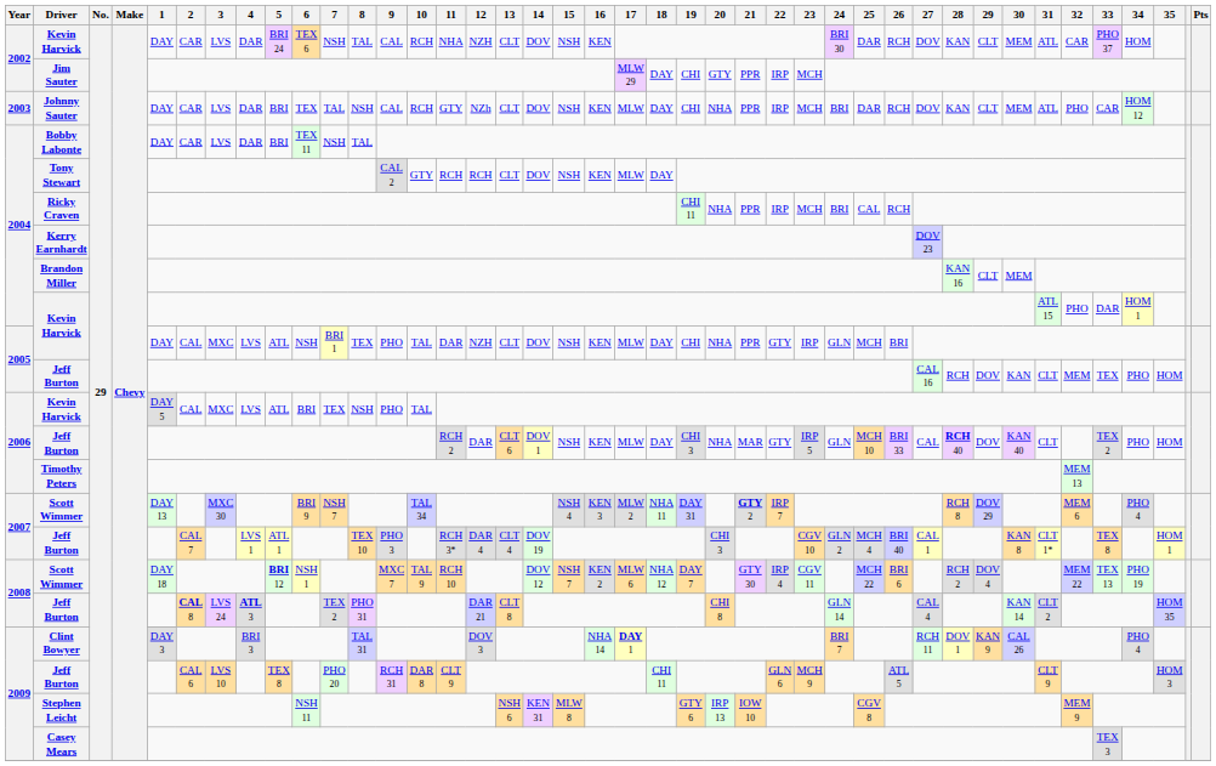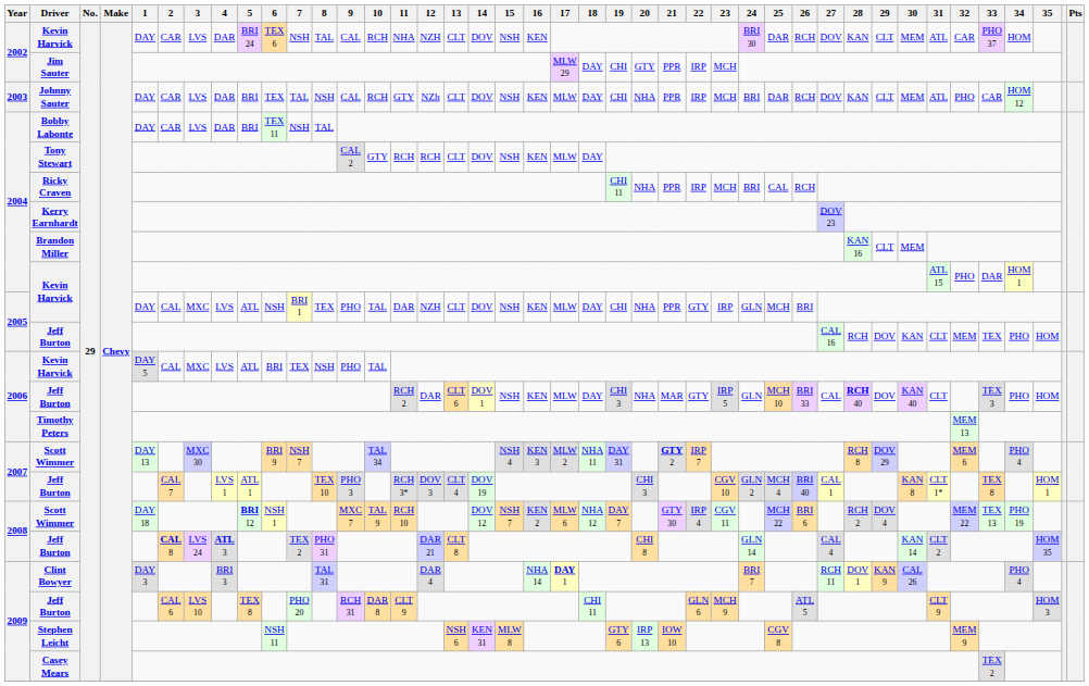 <table class="wikitable" style="text-align:center; font-size:75%">
 <tr>
 <th>Year</th>
 <th>Driver</th>
 <th>No.</th>
 <th>Make</th>
 <th>1</th>
 <th>2</th>
 <th>3</th>
 <th>4</th>
 <th>5</th>
 <th>6</th>
 <th>7</th>
 <th>8</th>
 <th>9</th>
 <th>10</th>
 <th>11</th>
 <th>12</th>
 <th>13</th>
 <th>14</th>
 <th>15</th>
 <th>16</th>
 <th>17</th>
 <th>18</th>
 <th>19</th>
 <th>20</th>
 <th>21</th>
 <th>22</th>
 <th>23</th>
 <th>24</th>
 <th>25</th>
 <th>26</th>
 <th>27</th>
 <th>28</th>
 <th>29</th>
 <th>30</th>
 <th>31</th>
 <th>32</th>
 <th>33</th>
 <th>34</th>
 <th>35</th>
 <th></th>
 <th>Pts</th>
 </tr>
 <tr>
 <th Rowspan=2><a href='#'>2002</a></th>
 <th><a href='#'>Kevin Harvick</a></th>
 <th Rowspan=22>29</th>
 <th Rowspan=22><a href='#'>Chevy</a></th>
 <td><a href='#'>DAY</a></td>
 <td><a href='#'>CAR</a></td>
 <td><a href='#'>LVS</a></td>
 <td><a href='#'>DAR</a></td>
 <td style="background:#EFCFFF;"><a href='#'>BRI</a><br><small>24</small></td>
 <td style="background:#FFDF9F;"><a href='#'>TEX</a><br><small>6</small></td>
 <td><a href='#'>NSH</a></td>
 <td><a href='#'>TAL</a></td>
 <td><a href='#'>CAL</a></td>
 <td><a href='#'>RCH</a></td>
 <td><a href='#'>NHA</a></td>
 <td><a href='#'>NZH</a></td>
 <td><a href='#'>CLT</a></td>
 <td><a href='#'>DOV</a></td>
 <td><a href='#'>NSH</a></td>
 <td><a href='#'>KEN</a></td>
 <td colspan=7></td>
 <td style="background:#EFCFFF;"><a href='#'>BRI</a><br><small>30</small></td>
 <td><a href='#'>DAR</a></td>
 <td><a href='#'>RCH</a></td>
 <td><a href='#'>DOV</a></td>
 <td><a href='#'>KAN</a></td>
 <td><a href='#'>CLT</a></td>
 <td><a href='#'>MEM</a></td>
 <td><a href='#'>ATL</a></td>
 <td><a href='#'>CAR</a></td>
 <td style="background:#EFCFFF;"><a href='#'>PHO</a><br><small>37</small></td>
 <td><a href='#'>HOM</a></td>
 <td colspan=1></td>
 <th Rowspan=2></th>
 <th Rowspan=2></th>
 </tr>
 <tr>
 <th><a href='#'>Jim Sauter</a></th>
 <td colspan=16></td>
 <td style="background:#EFCFFF;"><a href='#'>MLW</a><br><small>29</small></td>
 <td><a href='#'>DAY</a></td>
 <td><a href='#'>CHI</a></td>
 <td><a href='#'>GTY</a></td>
 <td><a href='#'>PPR</a></td>
 <td><a href='#'>IRP</a></td>
 <td><a href='#'>MCH</a></td>
 <td colspan=12></td>
 </tr>
 <tr>
 <th><a href='#'>2003</a></th>
 <th><a href='#'>Johnny Sauter</a></th>
 <td><a href='#'>DAY</a></td>
 <td><a href='#'>CAR</a></td>
 <td><a href='#'>LVS</a></td>
 <td><a href='#'>DAR</a></td>
 <td><a href='#'>BRI</a></td>
 <td><a href='#'>TEX</a></td>
 <td><a href='#'>TAL</a></td>
 <td><a href='#'>NSH</a></td>
 <td><a href='#'>CAL</a></td>
 <td><a href='#'>RCH</a></td>
 <td><a href='#'>GTY</a></td>
 <td><a href='#'>NZh</a></td>
 <td><a href='#'>CLT</a></td>
 <td><a href='#'>DOV</a></td>
 <td><a href='#'>NSH</a></td>
 <td><a href='#'>KEN</a></td>
 <td><a href='#'>MLW</a></td>
 <td><a href='#'>DAY</a></td>
 <td><a href='#'>CHI</a></td>
 <td><a href='#'>NHA</a></td>
 <td><a href='#'>PPR</a></td>
 <td><a href='#'>IRP</a></td>
 <td><a href='#'>MCH</a></td>
 <td><a href='#'>BRI</a></td>
 <td><a href='#'>DAR</a></td>
 <td><a href='#'>RCH</a></td>
 <td><a href='#'>DOV</a></td>
 <td><a href='#'>KAN</a></td>
 <td><a href='#'>CLT</a></td>
 <td><a href='#'>MEM</a></td>
 <td><a href='#'>ATL</a></td>
 <td><a href='#'>PHO</a></td>
 <td><a href='#'>CAR</a></td>
 <td style="background:#DFFFDF;"><a href='#'>HOM</a><br><small>12</small></td>
 <td colspan=1></td>
 <th></th>
 <th></th>
 </tr>
 <tr>
 <th rowspan=6><a href='#'>2004</a></th>
 <th><a href='#'>Bobby Labonte</a></th>
 <td><a href='#'>DAY</a></td>
 <td><a href='#'>CAR</a></td>
 <td><a href='#'>LVS</a></td>
 <td><a href='#'>DAR</a></td>
 <td><a href='#'>BRI</a></td>
 <td style="background:#DFFFDF;"><a href='#'>TEX</a><br><small>11</small></td>
 <td><a href='#'>NSH</a></td>
 <td><a href='#'>TAL</a></td>
 <td colspan=27></td>
 <th rowspan=6></th>
 <th rowspan=6></th>
 </tr>
 <tr>
 <th><a href='#'>Tony Stewart</a></th>
 <td colspan=8></td>
 <td style="background:#DFDFDF;"><a href='#'>CAL</a><br><small>2</small></td>
 <td><a href='#'>GTY</a></td>
 <td><a href='#'>RCH</a></td>
 <td><a href='#'>RCH</a></td>
 <td><a href='#'>CLT</a></td>
 <td><a href='#'>DOV</a></td>
 <td><a href='#'>NSH</a></td>
 <td><a href='#'>KEN</a></td>
 <td><a href='#'>MLW</a></td>
 <td><a href='#'>DAY</a></td>
 <td colspan=17></td>
 </tr>
 <tr>
 <th><a href='#'>Ricky Craven</a></th>
 <td colspan=18></td>
 <td style="background:#DFFFDF;"><a href='#'>CHI</a><br><small>11</small></td>
 <td><a href='#'>NHA</a></td>
 <td><a href='#'>PPR</a></td>
 <td><a href='#'>IRP</a></td>
 <td><a href='#'>MCH</a></td>
 <td><a href='#'>BRI</a></td>
 <td><a href='#'>CAL</a></td>
 <td><a href='#'>RCH</a></td>
 <td colspan=9></td>
 </tr>
 <tr>
 <th><a href='#'>Kerry Earnhardt</a></th>
 <td colspan=26></td>
 <td style="background:#CFCFFF;"><a href='#'>DOV</a><br><small>23</small></td>
 <td colspan=8></td>
 </tr>
 <tr>
 <th><a href='#'>Brandon Miller</a></th>
 <td colspan=27></td>
 <td style="background:#DFFFDF;"><a href='#'>KAN</a><br><small>16</small></td>
 <td><a href='#'>CLT</a></td>
 <td><a href='#'>MEM</a></td>
 <td colspan=5></td>
 </tr>
 <tr>
 <th Rowspan=2><a href='#'>Kevin Harvick</a></th>
 <td colspan=30></td>
 <td style="background:#DFFFDF;"><a href='#'>ATL</a><br><small>15</small></td>
 <td><a href='#'>PHO</a></td>
 <td><a href='#'>DAR</a></td>
 <td style="background:#FFFFBF;"><a href='#'>HOM</a><br><small>1</small></td>
 <td colspan=1></td>
 </tr>
 <tr>
 <th rowspan=2><a href='#'>2005</a></th>
 <td><a href='#'>DAY</a></td>
 <td><a href='#'>CAL</a></td>
 <td><a href='#'>MXC</a></td>
 <td><a href='#'>LVS</a></td>
 <td><a href='#'>ATL</a></td>
 <td><a href='#'>NSH</a></td>
 <td style="background:#FFFFBF;"><a href='#'>BRI</a><br><small>1</small></td>
 <td><a href='#'>TEX</a></td>
 <td><a href='#'>PHO</a></td>
 <td><a href='#'>TAL</a></td>
 <td><a href='#'>DAR</a></td>
 <td><a href='#'>NZH</a></td>
 <td><a href='#'>CLT</a></td>
 <td><a href='#'>DOV</a></td>
 <td><a href='#'>NSH</a></td>
 <td><a href='#'>KEN</a></td>
 <td><a href='#'>MLW</a></td>
 <td><a href='#'>DAY</a></td>
 <td><a href='#'>CHI</a></td>
 <td><a href='#'>NHA</a></td>
 <td><a href='#'>PPR</a></td>
 <td><a href='#'>GTY</a></td>
 <td><a href='#'>IRP</a></td>
 <td><a href='#'>GLN</a></td>
 <td><a href='#'>MCH</a></td>
 <td><a href='#'>BRI</a></td>
 <td colspan=9></td>
 <th Rowspan=2></th>
 <th Rowspan=2></th>
 </tr>
 <tr>
 <th><a href='#'>Jeff Burton</a></th>
 <td colspan=26></td>
 <td style="background:#DFFFDF;"><a href='#'>CAL</a><br><small>16</small></td>
 <td><a href='#'>RCH</a></td>
 <td><a href='#'>DOV</a></td>
 <td><a href='#'>KAN</a></td>
 <td><a href='#'>CLT</a></td>
 <td><a href='#'>MEM</a></td>
 <td><a href='#'>TEX</a></td>
 <td><a href='#'>PHO</a></td>
 <td><a href='#'>HOM</a></td>
 </tr>
 <tr>
 <th rowspan=3><a href='#'>2006</a></th>
 <th><a href='#'>Kevin Harvick</a></th>
 <td style="background:#DFDFDF;"><a href='#'>DAY</a><br><small>5</small></td>
 <td><a href='#'>CAL</a></td>
 <td><a href='#'>MXC</a></td>
 <td><a href='#'>LVS</a></td>
 <td><a href='#'>ATL</a></td>
 <td><a href='#'>BRI</a></td>
 <td><a href='#'>TEX</a></td>
 <td><a href='#'>NSH</a></td>
 <td><a href='#'>PHO</a></td>
 <td><a href='#'>TAL</a></td>
 <td colspan=25></td>
 <th rowspan=3></th>
 <th rowspan=3></th>
 </tr>
 <tr>
 <th><a href='#'>Jeff Burton</a></th>
 <td colspan=10></td>
 <td style="background:#DFDFDF;"><a href='#'>RCH</a><br><small>2</small></td>
 <td><a href='#'>DAR</a></td>
 <td style="background:#FFDF9F;"><a href='#'>CLT</a><br><small>6</small></td>
 <td style="background:#FFFFBF;"><a href='#'>DOV</a><br><small>1</small></td>
 <td><a href='#'>NSH</a></td>
 <td><a href='#'>KEN</a></td>
 <td><a href='#'>MLW</a></td>
 <td><a href='#'>DAY</a></td>
 <td style="background:#DFDFDF;"><a href='#'>CHI</a><br><small>3</small></td>
 <td><a href='#'>NHA</a></td>
 <td><a href='#'>MAR</a></td>
 <td><a href='#'>GTY</a></td>
 <td style="background:#DFDFDF;"><a href='#'>IRP</a><br><small>5</small></td>
 <td><a href='#'>GLN</a></td>
 <td style="background:#FFDF9F;"><a href='#'>MCH</a><br><small>10</small></td>
 <td style="background:#EFCFFF;"><a href='#'>BRI</a><br><small>33</small></td>
 <td><a href='#'>CAL</a></td>
 <td style="background:#EFCFFF;"><strong><a href='#'>RCH</a></strong><br><small>40</small></td>
 <td><a href='#'>DOV</a></td>
 <td style="background:#EFCFFF;"><a href='#'>KAN</a><br><small>40</small></td>
 <td><a href='#'>CLT</a></td>
 <td colspan=1></td>
-<td style="background:#DFDFDF;"><a href='#'>TEX</a><br><small>2</small></td>
+<td style="background:#DFDFDF;"><a href='#'>TEX</a><br><small>3</small></td>
 <td><a href='#'>PHO</a></td>
 <td><a href='#'>HOM</a></td>
 </tr>
 <tr>
 <th><a href='#'>Timothy Peters</a></th>
 <td colspan=31></td>
 <td style="background:#DFFFDF;"><a href='#'>MEM</a><br><small>13</small></td>
 <td colspan=3></td>
 </tr>
 <tr>
 <th rowspan=2><a href='#'>2007</a></th>
 <th><a href='#'>Scott Wimmer</a></th>
 <td style="background:#DFFFDF;"><a href='#'>DAY</a><br><small>13</small></td>
 <td colspan=1></td>
 <td style="background:#CFCFFF;"><a href='#'>MXC</a><br><small>30</small></td>
 <td colspan=2></td>
 <td style="background:#FFDF9F;"><a href='#'>BRI</a><br><small>9</small></td>
 <td style="background:#FFDF9F;"><a href='#'>NSH</a><br><small>7</small></td>
 <td colspan=2></td>
 <td style="background:#CFCFFF;"><a href='#'>TAL</a><br><small>34</small></td>
 <td colspan=4></td>
 <td style="background:#DFDFDF;"><a href='#'>NSH</a><br><small>4</small></td>
 <td style="background:#DFDFDF;"><a href='#'>KEN</a><br><small>3</small></td>
 <td style="background:#DFDFDF;"><a href='#'>MLW</a><br><small>2</small></td>
 <td style="background:#DFFFDF;"><a href='#'>NHA</a><br><small>11</small></td>
 <td style="background:#CFCFFF;"><a href='#'>DAY</a><br><small>31</small></td>
 <td colspan=1></td>
 <td style="background:#DFDFDF;"><strong><a href='#'>GTY</a></strong><br><small>2</small></td>
 <td style="background:#FFDF9F;"><a href='#'>IRP</a><br><small>7</small></td>
 <td colspan=5></td>
 <td style="background:#FFDF9F;"><a href='#'>RCH</a><br><small>8</small></td>
 <td style="background:#CFCFFF;"><a href='#'>DOV</a><br><small>29</small></td>
 <td colspan=2></td>
 <td style="background:#FFDF9F;"><a href='#'>MEM</a><br><small>6</small></td>
 <td colspan=1></td>
 <td style="background:#DFDFDF;"><a href='#'>PHO</a><br><small>4</small></td>
 <td colspan=1></td>
 <th rowspan=2></th>
 <th rowspan=2></th>
 </tr>
 <tr>
 <th><a href='#'>Jeff Burton</a></th>
 <td colspan=1></td>
 <td style="background:#FFDF9F;"><a href='#'>CAL</a><br><small>7</small></td>
 <td colspan=1></td>
 <td style="background:#FFFFBF;"><a href='#'>LVS</a><br><small>1</small></td>
 <td style="background:#FFFFBF;"><a href='#'>ATL</a><br><small>1</small></td>
 <td colspan=2></td>
 <td style="background:#FFDF9F;"><a href='#'>TEX</a><br><small>10</small></td>
 <td style="background:#DFDFDF;"><a href='#'>PHO</a><br><small>3</small></td>
 <td colspan=1></td>
 <td style="background:#DFDFDF;"><a href='#'>RCH</a><br><small>3*</small></td>
-<td style="background:#DFDFDF;"><a href='#'>DAR</a><br><small>4</small></td>
+<td style="background:#DFDFDF;"><a href='#'>DOV</a><br><small>3</small></td>
 <td style="background:#DFDFDF;"><a href='#'>CLT</a><br><small>4</small></td>
 <td style="background:#DFFFDF;"><a href='#'>DOV</a><br><small>19</small></td>
 <td colspan=5></td>
 <td style="background:#DFDFDF;"><a href='#'>CHI</a><br><small>3</small></td>
 <td colspan=2></td>
 <td style="background:#FFDF9F;"><a href='#'>CGV</a><br><small>10</small></td>
 <td style="background:#DFDFDF;"><a href='#'>GLN</a><br><small>2</small></td>
 <td style="background:#DFDFDF;"><a href='#'>MCH</a><br><small>4</small></td>
 <td style="background:#CFCFFF;"><a href='#'>BRI</a><br><small>40</small></td>
 <td style="background:#FFFFBF;"><a href='#'>CAL</a><br><small>1</small></td>
 <td colspan=2></td>
 <td style="background:#FFDF9F;"><a href='#'>KAN</a><br><small>8</small></td>
 <td style="background:#FFFFBF;"><a href='#'>CLT</a><br><small>1*</small></td>
 <td></td>
 <td style="background:#FFDF9F;"><a href='#'>TEX</a><br><small>8</small></td>
 <td colspan=1></td>
 <td style="background:#FFFFBF;"><a href='#'>HOM</a><br><small>1</small></td>
 </tr>
 <tr>
 <th rowspan=2><a href='#'>2008</a></th>
 <th><a href='#'>Scott Wimmer</a></th>
 <td style="background:#DFFFDF;"><a href='#'>DAY</a><br><small>18</small></td>
 <td colspan=3></td>
 <td style="background:#DFFFDF;"><strong><a href='#'>BRI</a></strong><br><small>12</small></td>
 <td style="background:#FFFFBF;"><a href='#'>NSH</a><br><small>1</small></td>
 <td colspan=2></td>
 <td style="background:#FFDF9F;"><a href='#'>MXC</a><br><small>7</small></td>
 <td style="background:#FFDF9F;"><a href='#'>TAL</a><br><small>9</small></td>
 <td style="background:#FFDF9F;"><a href='#'>RCH</a><br><small>10</small></td>
 <td colspan=2></td>
 <td style="background:#DFFFDF;"><a href='#'>DOV</a><br><small>12</small></td>
 <td style="background:#FFDF9F;"><a href='#'>NSH</a><br><small>7</small></td>
 <td style="background:#DFDFDF;"><a href='#'>KEN</a><br><small>2</small></td>
 <td style="background:#FFDF9F;"><a href='#'>MLW</a><br><small>6</small></td>
 <td style="background:#DFFFDF;"><a href='#'>NHA</a><br><small>12</small></td>
 <td style="background:#FFDF9F;"><a href='#'>DAY</a><br><small>7</small></td>
 <td colspan=1></td>
 <td style="background:#EFCFFF;"><a href='#'>GTY</a><br><small>30</small></td>
 <td style="background:#DFDFDF;"><a href='#'>IRP</a><br><small>4</small></td>
 <td style="background:#DFFFDF;"><a href='#'>CGV</a><br><small>11</small></td>
 <td colspan=1></td>
 <td style="background:#CFCFFF;"><a href='#'>MCH</a><br><small>22</small></td>
 <td style="background:#FFDF9F;"><a href='#'>BRI</a><br><small>6</small></td>
 <td colspan=1></td>
 <td style="background:#DFDFDF;"><a href='#'>RCH</a><br><small>2</small></td>
 <td style="background:#DFDFDF;"><a href='#'>DOV</a><br><small>4</small></td>
 <td colspan=2></td>
 <td style="background:#CFCFFF;"><a href='#'>MEM</a><br><small>22</small></td>
 <td style="background:#DFFFDF;"><a href='#'>TEX</a><br><small>13</small></td>
 <td style="background:#DFFFDF;"><a href='#'>PHO</a><br><small>19</small></td>
 <td colspan=1></td>
 <th rowspan=2></th>
 <th rowspan=2></th>
 </tr>
 <tr>
 <th><a href='#'>Jeff Burton</a></th>
 <td colspan=1></td>
 <td style="background:#FFDF9F;"><strong><a href='#'>CAL</a></strong><br><small>8</small></td>
 <td style="background:#EFCFFF;"><a href='#'>LVS</a><br><small>24</small></td>
 <td style="background:#DFDFDF;"><strong><a href='#'>ATL</a></strong><br><small>3</small></td>
 <td colspan=2></td>
 <td style="background:#DFDFDF;"><a href='#'>TEX</a><br><small>2</small></td>
 <td style="background:#EFCFFF;"><a href='#'>PHO</a><br><small>31</small></td>
 <td colspan=3></td>
 <td style="background:#CFCFFF;"><a href='#'>DAR</a><br><small>21</small></td>
 <td style="background:#FFDF9F;"><a href='#'>CLT</a><br><small>8</small></td>
 <td colspan=6></td>
 <td style="background:#FFDF9F;"><a href='#'>CHI</a><br><small>8</small></td>
 <td colspan=3></td>
 <td style="background:#DFFFDF;"><a href='#'>GLN</a><br><small>14</small></td>
 <td colspan=2></td>
 <td style="background:#DFDFDF;"><a href='#'>CAL</a><br><small>4</small></td>
 <td colspan=2></td>
 <td style="background:#DFFFDF;"><a href='#'>KAN</a><br><small>14</small></td>
 <td style="background:#DFDFDF;"><a href='#'>CLT</a><br><small>2</small></td>
 <td colspan=3></td>
 <td style="background:#CFCFFF;"><a href='#'>HOM</a><br><small>35</small></td>
 </tr>
 <tr>
 <th Rowspan=4><a href='#'>2009</a></th>
 <th><a href='#'>Clint Bowyer</a></th>
 <td style="background:#DFDFDF;"><a href='#'>DAY</a><br><small>3</small></td>
 <td colspan=2></td>
 <td style="background:#DFDFDF;"><a href='#'>BRI</a><br><small>3</small></td>
 <td colspan=3></td>
 <td style="background:#CFCFFF;"><a href='#'>TAL</a><br><small>31</small></td>
 <td colspan=3></td>
-<td style="background:#DFDFDF;"><a href='#'>DOV</a><br><small>3</small></td>
+<td style="background:#DFDFDF;"><a href='#'>DAR</a><br><small>4</small></td>
 <td colspan=3></td>
 <td style="background:#DFFFDF;"><a href='#'>NHA</a><br><small>14</small></td>
 <td style="background:#FFFFBF;"><strong><a href='#'>DAY</a></strong><br><small>1</small></td>
 <td colspan=6></td>
 <td style="background:#FFDF9F;"><a href='#'>BRI</a><br><small>7</small></td>
 <td colspan=2></td>
 <td style="background:#DFFFDF;"><a href='#'>RCH</a><br><small>11</small></td>
 <td style="background:#FFFFBF;"><a href='#'>DOV</a><br><small>1</small></td>
 <td style="background:#FFDF9F;"><a href='#'>KAN</a><br><small>9</small></td>
 <td style="background:#CFCFFF;"><a href='#'>CAL</a><br><small>26</small></td>
 <td colspan=3></td>
 <td style="background:#DFDFDF;"><a href='#'>PHO</a><br><small>4</small></td>
 <td colspan=1></td>
 <th rowspan=4></th>
 <th rowspan=4></th>
 </tr>
 <tr>
 <th><a href='#'>Jeff Burton</a></th>
 <td colspan=1></td>
 <td style="background:#FFDF9F;"><a href='#'>CAL</a><br><small>6</small></td>
 <td style="background:#FFDF9F;"><a href='#'>LVS</a><br><small>10</small></td>
 <td colspan=1></td>
 <td style="background:#FFDF9F;"><a href='#'>TEX</a><br><small>8</small></td>
 <td colspan=1></td>
 <td style="background:#DFFFDF;"><a href='#'>PHO</a><br><small>20</small></td>
 <td colspan=1></td>
 <td style="background:#EFCFFF;"><a href='#'>RCH</a><br><small>31</small></td>
 <td style="background:#FFDF9F;"><a href='#'>DAR</a><br><small>8</small></td>
 <td style="background:#FFDF9F;"><a href='#'>CLT</a><br><small>9</small></td>
 <td colspan=6></td>
 <td style="background:#DFFFDF;"><a href='#'>CHI</a><br><small>11</small></td>
 <td colspan=3></td>
 <td style="background:#FFDF9F;"><a href='#'>GLN</a><br><small>6</small></td>
 <td style="background:#FFDF9F;"><a href='#'>MCH</a><br><small>9</small></td>
 <td colspan=2></td>
 <td style="background:#DFDFDF;"><a href='#'>ATL</a><br><small>5</small></td>
 <td colspan=4></td>
 <td style="background:#FFDF9F;"><a href='#'>CLT</a><br><small>9</small></td>
 <td colspan=3></td>
 <td style="background:#DFDFDF;"><a href='#'>HOM</a><br><small>3</small></td>
 </tr>
 <tr>
 <th><a href='#'>Stephen Leicht</a></th>
 <td colspan=5></td>
 <td style="background:#DFFFDF;"><a href='#'>NSH</a><br><small>11</small></td>
 <td colspan=6></td>
 <td style="background:#FFDF9F;"><a href='#'>NSH</a><br><small>6</small></td>
 <td style="background:#EFCFFF;"><a href='#'>KEN</a><br><small>31</small></td>
 <td style="background:#FFDF9F;"><a href='#'>MLW</a><br><small>8</small></td>
 <td colspan=3></td>
 <td style="background:#FFDF9F;"><a href='#'>GTY</a><br><small>6</small></td>
 <td style="background:#DFFFDF;"><a href='#'>IRP</a><br><small>13</small></td>
 <td style="background:#FFDF9F;"><a href='#'>IOW</a><br><small>10</small></td>
 <td colspan=3></td>
 <td style="background:#FFDF9F;"><a href='#'>CGV</a><br><small>8</small></td>
 <td colspan=6></td>
 <td style="background:#FFDF9F;"><a href='#'>MEM</a><br><small>9</small></td>
 <td colspan=3></td>
 </tr>
 <tr>
 <th><a href='#'>Casey Mears</a></th>
 <td colspan=32></td>
-<td style="background:#DFDFDF;"><a href='#'>TEX</a><br><small>3</small></td>
+<td style="background:#DFDFDF;"><a href='#'>TEX</a><br><small>2</small></td>
 <td colspan=2></td>
 </tr>
 <tr>
 </tr>
 </table>
